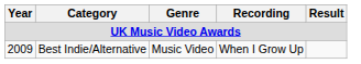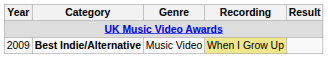 <table class=wikitable>
 <tr style="background:#ccc;">
 <th>Year</th>
 <th>Category</th>
 <th>Genre</th>
 <th>Recording</th>
 <th>Result</th>
 </tr>
 <tr style="background:#ddd;">
 <td colspan="5" style="text-align:center;"><strong><a href='#'>UK Music Video Awards</a></strong></td>
 </tr>
 <tr align=center>
 <td style="text-align:left;" rowspan="1">2009</td>
-<td>Best Indie/Alternative</td>
+<td><strong>Best Indie/Alternative</strong></td>
 <td>Music Video</td>
-<td>When I Grow Up</td>
+<td style="background: khaki;">When I Grow Up</td>
 <td></td>
 </tr>
 </table>
